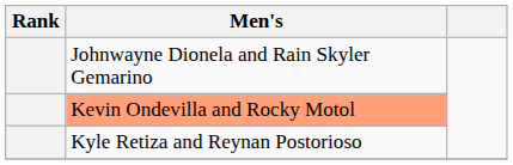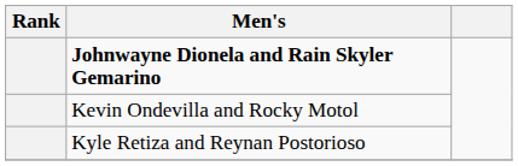 <table class="wikitable" style="text-align: center;">
 <tr>
 <th width=40>Rank</th>
 <th width=290>Men's</th>
 <th width=40></th>
 </tr>
 <tr>
 <th></th>
-<td style="text-align:left;">Johnwayne Dionela and Rain Skyler Gemarino </td>
+<td style="text-align:left;"><strong>Johnwayne Dionela and Rain Skyler Gemarino </strong></td>
 <td rowspan=3></td>
 </tr>
 <tr>
 <th></th>
-<td style="background: lightsalmon; text-align:left;">Kevin Ondevilla and Rocky Motol </td>
+<td style="text-align:left;">Kevin Ondevilla and Rocky Motol </td>
 </tr>
 <tr>
 <th></th>
 <td style="text-align:left;">Kyle Retiza and Reynan Postorioso </td>
 </tr>
 <tr>
 </tr>
 </table>
